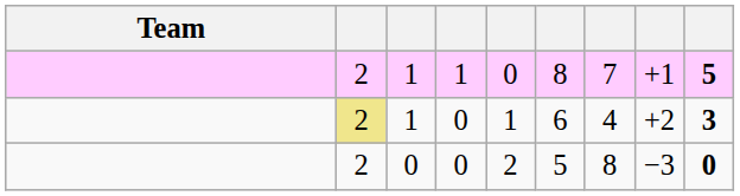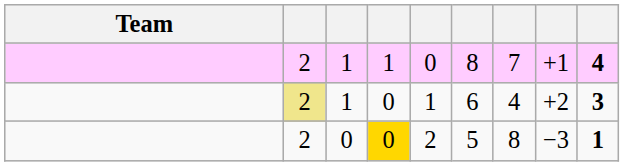 <table class="wikitable" style="text-align: center;">
 <tr>
 <th width="175">Team</th>
 <th width="20"></th>
 <th width="20"></th>
 <th width="20"></th>
 <th width="20"></th>
 <th width="20"></th>
 <th width="20"></th>
 <th width="20"></th>
 <th width="20"></th>
 </tr>
 <tr style="background-color: #ffccff;">
 <td align=left></td>
 <td>2</td>
 <td>1</td>
 <td>1</td>
 <td>0</td>
 <td>8</td>
 <td>7</td>
 <td>+1</td>
-<td><strong>5</strong></td>
+<td><strong>4</strong></td>
 </tr>
 <tr>
 <td align=left></td>
 <td style="background: khaki;">2</td>
 <td>1</td>
 <td>0</td>
 <td>1</td>
 <td>6</td>
 <td>4</td>
 <td>+2</td>
 <td><strong>3</strong></td>
 </tr>
 <tr>
 <td align=left></td>
 <td>2</td>
 <td>0</td>
-<td>0</td>
+<td style="background: gold;">0</td>
 <td>2</td>
 <td>5</td>
 <td>8</td>
 <td>−3</td>
-<td><strong>0</strong></td>
+<td><strong>1</strong></td>
 </tr>
 </table>
